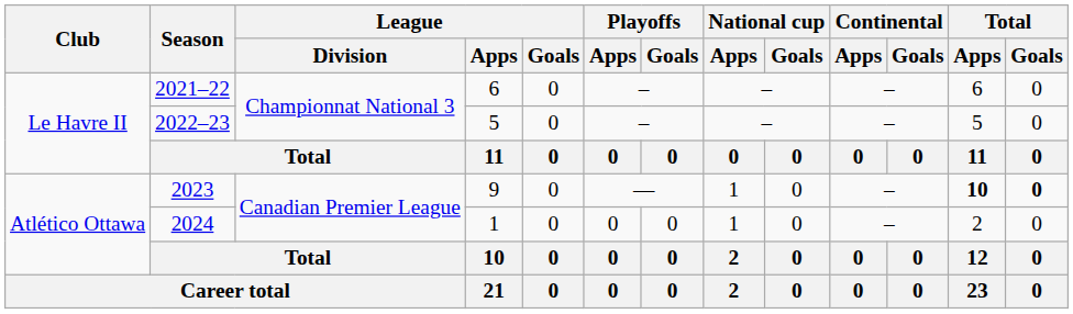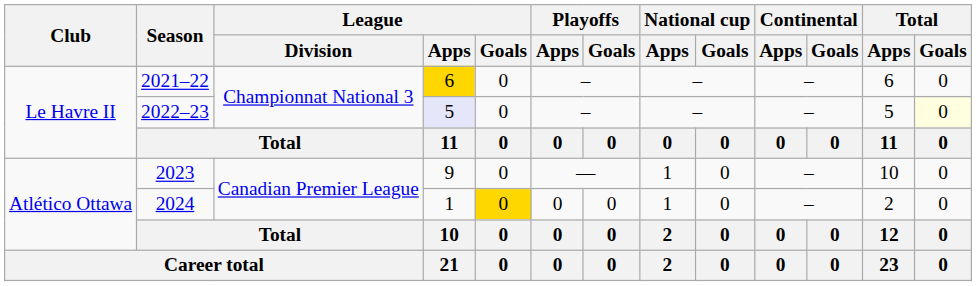 <table class="wikitable" style="text-align:center">
 <tr>
 <th rowspan="2">Club</th>
 <th rowspan="2">Season</th>
 <th colspan="3">League</th>
 <th colspan="2">Playoffs</th>
 <th colspan="2">National cup</th>
 <th colspan="2">Continental</th>
 <th colspan="2">Total</th>
 </tr>
 <tr>
 <th>Division</th>
 <th>Apps</th>
 <th>Goals</th>
 <th>Apps</th>
 <th>Goals</th>
 <th>Apps</th>
 <th>Goals</th>
 <th>Apps</th>
 <th>Goals</th>
 <th>Apps</th>
 <th>Goals</th>
 </tr>
 <tr>
 <td rowspan="3"><a href='#'>Le Havre II</a></td>
 <td><a href='#'>2021–22</a></td>
 <td rowspan="2"><a href='#'>Championnat National 3</a></td>
-<td>6</td>
+<td style="background: gold;">6</td>
 <td>0</td>
 <td colspan="2">–</td>
 <td colspan="2">–</td>
 <td colspan="2">–</td>
 <td>6</td>
 <td>0</td>
 </tr>
 <tr>
 <td><a href='#'>2022–23</a></td>
-<td>5</td>
+<td style="background: lavender;">5</td>
 <td>0</td>
 <td colspan="2">–</td>
 <td colspan="2">–</td>
 <td colspan="2">–</td>
 <td>5</td>
-<td>0</td>
+<td style="background: lightyellow;">0</td>
 </tr>
 <tr>
 <th colspan="2">Total</th>
 <th>11</th>
 <th>0</th>
 <th>0</th>
 <th>0</th>
 <th>0</th>
 <th>0</th>
 <th>0</th>
 <th>0</th>
 <th>11</th>
 <th>0</th>
 </tr>
 <tr>
 <td rowspan="3"><a href='#'>Atlético Ottawa</a></td>
 <td><a href='#'>2023</a></td>
 <td rowspan="2"><a href='#'>Canadian Premier League</a></td>
 <td>9</td>
 <td>0</td>
 <td colspan="2">—</td>
 <td>1</td>
 <td>0</td>
 <td colspan="2">–</td>
-<td><strong>10</strong></td>
-<td><strong>0</strong></td>
+<td>10</td>
+<td>0</td>
 </tr>
 <tr>
 <td><a href='#'>2024</a></td>
 <td>1</td>
-<td>0</td>
+<td style="background: gold;">0</td>
 <td>0</td>
 <td>0</td>
 <td>1</td>
 <td>0</td>
 <td colspan="2">–</td>
 <td>2</td>
 <td>0</td>
 </tr>
 <tr>
 <th colspan="2">Total</th>
 <th>10</th>
 <th>0</th>
 <th>0</th>
 <th>0</th>
 <th>2</th>
 <th>0</th>
 <th>0</th>
 <th>0</th>
 <th>12</th>
 <th>0</th>
 </tr>
 <tr>
 <th colspan="3">Career total</th>
 <th>21</th>
 <th>0</th>
 <th>0</th>
 <th>0</th>
 <th>2</th>
 <th>0</th>
 <th>0</th>
 <th>0</th>
 <th>23</th>
 <th>0</th>
 </tr>
 </table>
